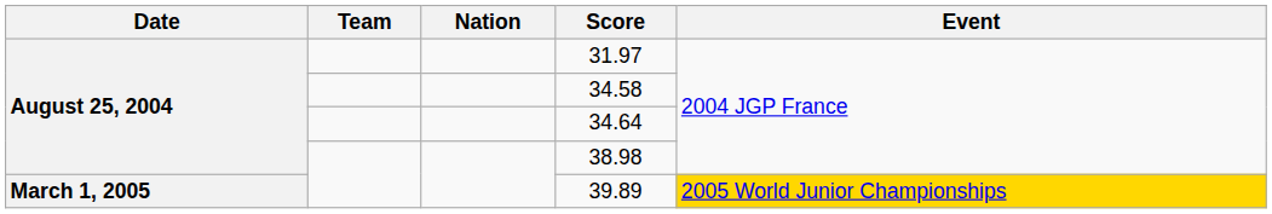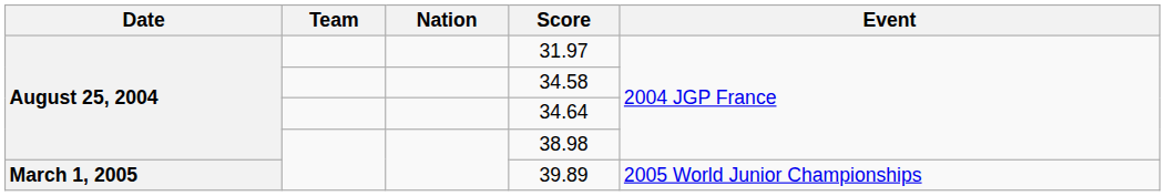 <table class="wikitable unsortable" style="text-align:left; width:75%">
 <tr>
 <th scope="col">Date</th>
 <th scope="col">Team</th>
 <th scope="col">Nation</th>
 <th scope="col">Score</th>
 <th scope="col">Event</th>
 </tr>
 <tr>
 <th scope="row" style="text-align:left" rowspan="4">August 25, 2004</th>
 <td></td>
 <td></td>
 <td style="text-align:center">31.97</td>
 <td rowspan="4"><a href='#'>2004 JGP France</a></td>
 </tr>
 <tr>
 <td></td>
 <td></td>
 <td style="text-align:center">34.58</td>
 </tr>
 <tr>
 <td></td>
 <td></td>
 <td style="text-align:center">34.64</td>
 </tr>
 <tr>
 <td rowspan="2"></td>
 <td rowspan="2"></td>
 <td style="text-align:center">38.98</td>
 </tr>
 <tr>
 <th scope="row" style="text-align:left">March 1, 2005</th>
 <td style="text-align:center;">39.89</td>
-<td style="background: gold;"><a href='#'>2005 World Junior Championships</a></td>
+<td><a href='#'>2005 World Junior Championships</a></td>
 </tr>
 </table>
